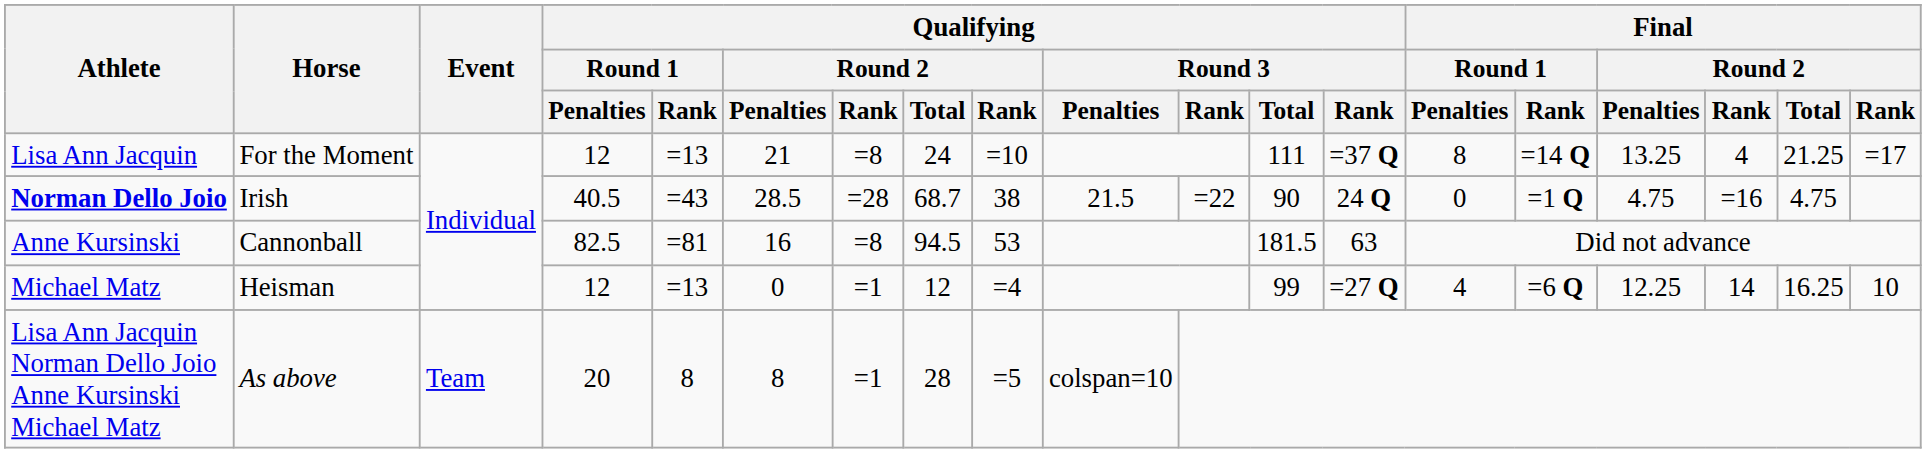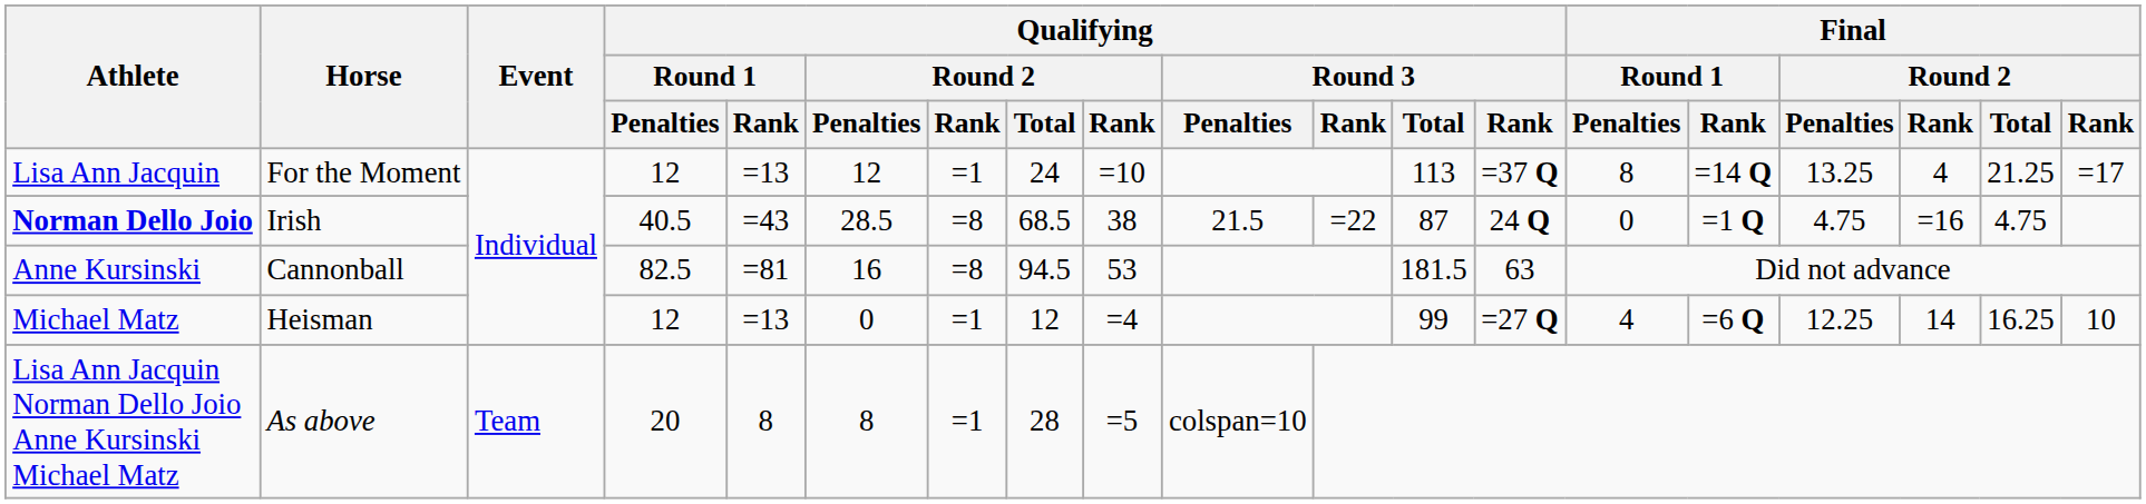 <table class=wikitable style=font-size:90%;text-align:center>
 <tr>
 <th rowspan=3>Athlete</th>
 <th rowspan=3>Horse</th>
 <th rowspan=3>Event</th>
 <th colspan=10>Qualifying</th>
 <th colspan=6>Final</th>
 </tr>
 <tr style=font-size:95%>
 <th colspan=2>Round 1</th>
 <th colspan=4>Round 2</th>
 <th colspan=4>Round 3</th>
 <th colspan=2>Round 1</th>
 <th colspan=4>Round 2</th>
 </tr>
 <tr style=font-size:95%>
 <th>Penalties</th>
 <th>Rank</th>
 <th>Penalties</th>
 <th>Rank</th>
 <th>Total</th>
 <th>Rank</th>
 <th>Penalties</th>
 <th>Rank</th>
 <th>Total</th>
 <th>Rank</th>
 <th>Penalties</th>
 <th>Rank</th>
 <th>Penalties</th>
 <th>Rank</th>
 <th>Total</th>
 <th>Rank</th>
 </tr>
 <tr>
 <td align=left><a href='#'>Lisa Ann Jacquin</a></td>
 <td align=left>For the Moment</td>
 <td align=left rowspan=4><a href='#'>Individual</a></td>
 <td>12</td>
 <td>=13</td>
-<td>21</td>
-<td>=8</td>
+<td>12</td>
+<td>=1</td>
 <td>24</td>
 <td>=10</td>
 <td colspan=2></td>
-<td>111</td>
+<td>113</td>
 <td>=37 <strong>Q</strong></td>
 <td>8</td>
 <td>=14 <strong>Q</strong></td>
 <td>13.25</td>
 <td>4</td>
 <td>21.25</td>
 <td>=17</td>
 </tr>
 <tr>
 <td align=left><strong><a href='#'>Norman Dello Joio</a></strong></td>
 <td align=left>Irish</td>
 <td>40.5</td>
 <td>=43</td>
 <td>28.5</td>
-<td>=28</td>
-<td>68.7</td>
+<td>=8</td>
+<td>68.5</td>
 <td>38</td>
 <td>21.5</td>
 <td>=22</td>
-<td>90</td>
+<td>87</td>
 <td>24 <strong>Q</strong></td>
 <td>0</td>
 <td>=1 <strong>Q</strong></td>
 <td>4.75</td>
 <td>=16</td>
 <td>4.75</td>
 <td></td>
 </tr>
 <tr>
 <td align=left><a href='#'>Anne Kursinski</a></td>
 <td align=left>Cannonball</td>
 <td>82.5</td>
 <td>=81</td>
 <td>16</td>
 <td>=8</td>
 <td>94.5</td>
 <td>53</td>
 <td colspan=2></td>
 <td>181.5</td>
 <td>63</td>
 <td colspan=6>Did not advance</td>
 </tr>
 <tr>
 <td align=left><a href='#'>Michael Matz</a></td>
 <td align=left>Heisman</td>
 <td>12</td>
 <td>=13</td>
 <td>0</td>
 <td>=1</td>
 <td>12</td>
 <td>=4</td>
 <td colspan=2></td>
 <td>99</td>
 <td>=27 <strong>Q</strong></td>
 <td>4</td>
 <td>=6 <strong>Q</strong></td>
 <td>12.25</td>
 <td>14</td>
 <td>16.25</td>
 <td>10</td>
 </tr>
 <tr>
 <td align=left><a href='#'>Lisa Ann Jacquin</a><br><a href='#'>Norman Dello Joio</a><br><a href='#'>Anne Kursinski</a><br><a href='#'>Michael Matz</a></td>
 <td align=left><em>As above</em></td>
 <td align=left><a href='#'>Team</a></td>
 <td>20</td>
 <td>8</td>
 <td>8</td>
 <td>=1</td>
 <td>28</td>
 <td>=5</td>
 <td>colspan=10 </td>
 </tr>
 </table>
